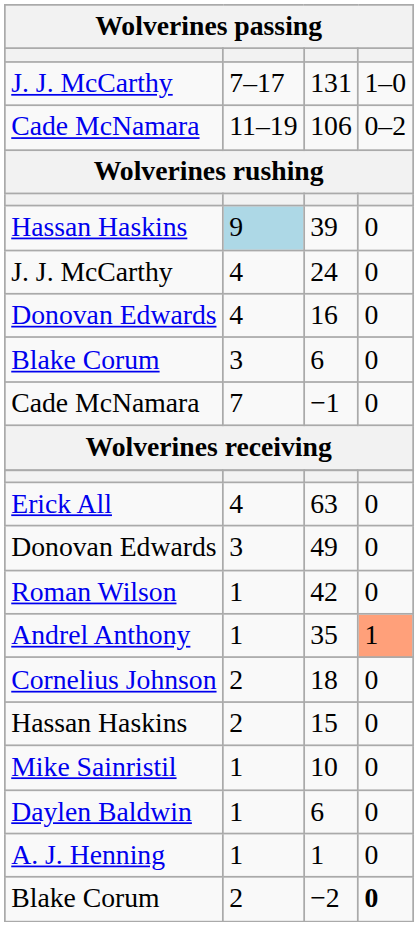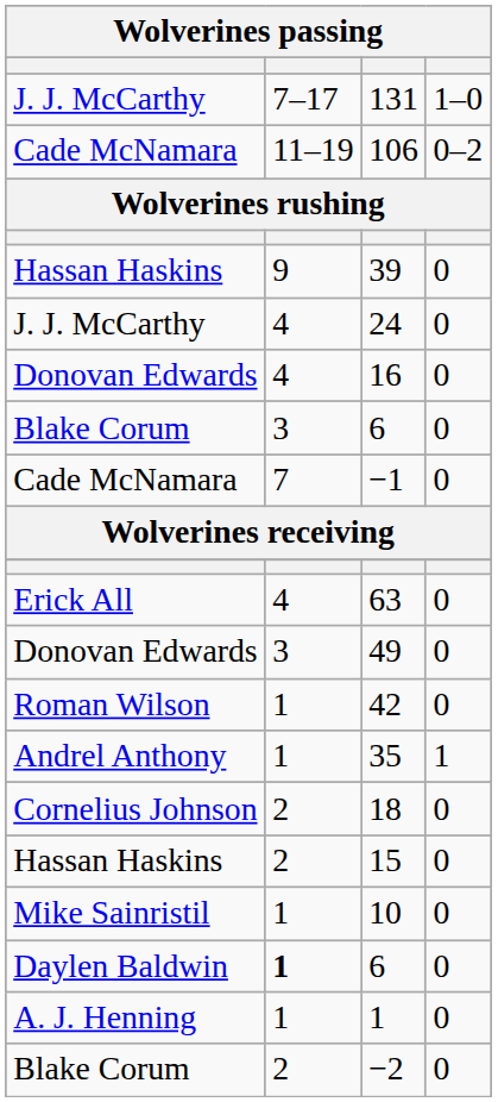 <table class="wikitable plainrowheaders">
 <tr>
 <th colspan="6">Wolverines passing</th>
 </tr>
 <tr>
 <th scope="col"></th>
 <th scope="col"></th>
 <th scope="col"></th>
 <th scope="col"></th>
 </tr>
 <tr>
 <td><a href='#'>J. J. McCarthy</a></td>
 <td>7–17</td>
 <td>131</td>
 <td>1–0</td>
 </tr>
 <tr>
 <td><a href='#'>Cade McNamara</a></td>
 <td>11–19</td>
 <td>106</td>
 <td>0–2</td>
 </tr>
 <tr>
 <th colspan="6">Wolverines rushing</th>
 </tr>
 <tr>
 <th scope="col"></th>
 <th scope="col"></th>
 <th scope="col"></th>
 <th scope="col"></th>
 </tr>
 <tr>
 <td><a href='#'>Hassan Haskins</a></td>
-<td style="background: lightblue;">9</td>
+<td>9</td>
 <td>39</td>
 <td>0</td>
 </tr>
 <tr>
 <td>J. J. McCarthy</td>
 <td>4</td>
 <td>24</td>
 <td>0</td>
 </tr>
 <tr>
 <td><a href='#'>Donovan Edwards</a></td>
 <td>4</td>
 <td>16</td>
 <td>0</td>
 </tr>
 <tr>
 <td><a href='#'>Blake Corum</a></td>
 <td>3</td>
 <td>6</td>
 <td>0</td>
 </tr>
 <tr>
 <td>Cade McNamara</td>
 <td>7</td>
 <td>−1</td>
 <td>0</td>
 </tr>
 <tr>
 <th colspan="6">Wolverines receiving</th>
 </tr>
 <tr>
 </tr>
 <tr>
 <th scope="col"></th>
 <th scope="col"></th>
 <th scope="col"></th>
 <th scope="col"></th>
 </tr>
 <tr>
 <td><a href='#'>Erick All</a></td>
 <td>4</td>
 <td>63</td>
 <td>0</td>
 </tr>
 <tr>
 <td>Donovan Edwards</td>
 <td>3</td>
 <td>49</td>
 <td>0</td>
 </tr>
 <tr>
 <td><a href='#'>Roman Wilson</a></td>
 <td>1</td>
 <td>42</td>
 <td>0</td>
 </tr>
 <tr>
 <td><a href='#'>Andrel Anthony</a></td>
 <td>1</td>
 <td>35</td>
-<td style="background: lightsalmon;">1</td>
+<td>1</td>
 </tr>
 <tr>
 <td><a href='#'>Cornelius Johnson</a></td>
 <td>2</td>
 <td>18</td>
 <td>0</td>
 </tr>
 <tr>
 <td>Hassan Haskins</td>
 <td>2</td>
 <td>15</td>
 <td>0</td>
 </tr>
 <tr>
 <td><a href='#'>Mike Sainristil</a></td>
 <td>1</td>
 <td>10</td>
 <td>0</td>
 </tr>
 <tr>
 <td><a href='#'>Daylen Baldwin</a></td>
-<td>1</td>
+<td><strong>1</strong></td>
 <td>6</td>
 <td>0</td>
 </tr>
 <tr>
 <td><a href='#'>A. J. Henning</a></td>
 <td>1</td>
 <td>1</td>
 <td>0</td>
 </tr>
 <tr>
 <td>Blake Corum</td>
 <td>2</td>
 <td>−2</td>
-<td><strong>0</strong></td>
+<td>0</td>
 </tr>
 <tr>
 </tr>
 </table>
